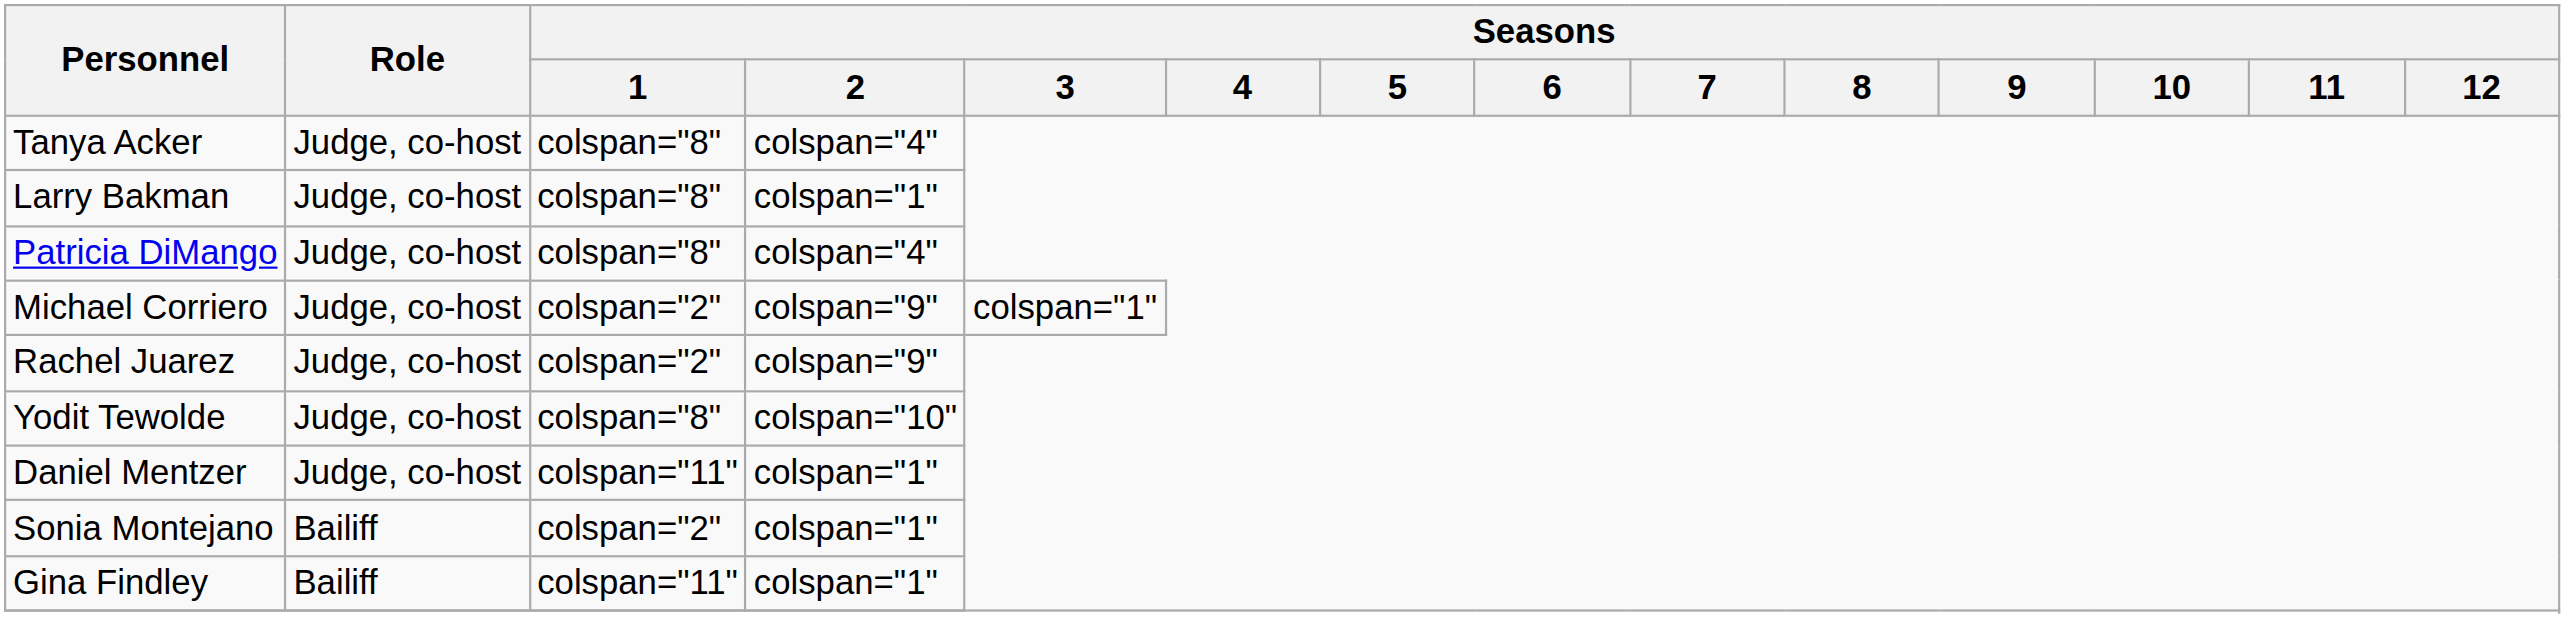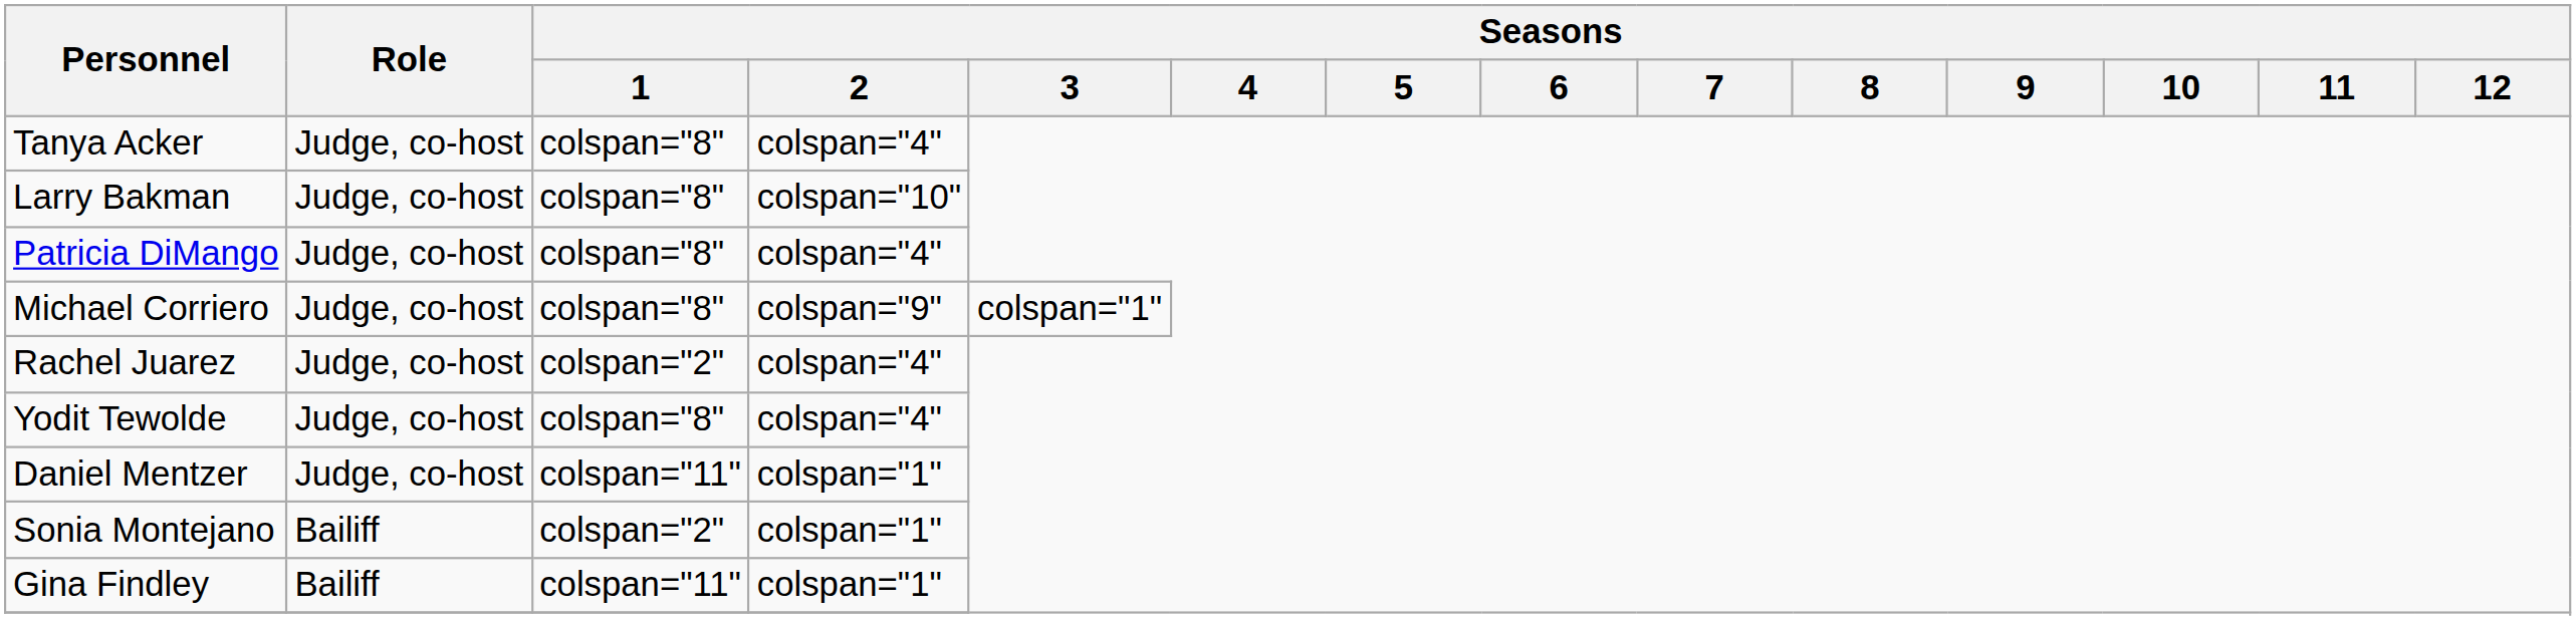 <table class="wikitable plainrowheaders">
 <tr>
 <th rowspan="2" scope="col">Personnel</th>
 <th rowspan="2" scope="col">Role</th>
 <th colspan="12" scope="col">Seasons</th>
 </tr>
 <tr>
 <th scope="col" style="width:4em;">1</th>
 <th scope="col" style="width:4em;">2</th>
 <th scope="col" style="width:4em;">3</th>
 <th scope="col" style="width:4em;">4</th>
 <th scope="col" style="width:4em;">5</th>
 <th scope="col" style="width:4em;">6</th>
 <th scope="col" style="width:4em;">7</th>
 <th scope="col" style="width:4em;">8</th>
 <th scope="col" style="width:4em;">9</th>
 <th scope="col" style="width:4em;">10</th>
 <th scope="col" style="width:4em;">11</th>
 <th scope="col" style="width:4em;">12</th>
 </tr>
 <tr>
 <td scope="row">Tanya Acker</td>
 <td>Judge, co-host</td>
 <td>colspan="8" </td>
 <td>colspan="4" </td>
 </tr>
 <tr>
 <td scope="row">Larry Bakman</td>
 <td>Judge, co-host</td>
 <td>colspan="8" </td>
-<td>colspan="1" </td>
+<td>colspan="10" </td>
 </tr>
 <tr>
 <td scope="row"><a href='#'>Patricia DiMango</a></td>
 <td>Judge, co-host</td>
 <td>colspan="8" </td>
 <td>colspan="4" </td>
 </tr>
 <tr>
 <td scope="row">Michael Corriero</td>
 <td>Judge, co-host</td>
-<td>colspan="2" </td>
+<td>colspan="8" </td>
 <td>colspan="9" </td>
 <td>colspan="1" </td>
 </tr>
 <tr>
 <td scope="row">Rachel Juarez</td>
 <td>Judge, co-host</td>
 <td>colspan="2" </td>
-<td>colspan="9" </td>
+<td>colspan="4" </td>
 </tr>
 <tr>
 <td scope="row">Yodit Tewolde</td>
 <td>Judge, co-host</td>
 <td>colspan="8" </td>
-<td>colspan="10" </td>
+<td>colspan="4" </td>
 </tr>
 <tr>
 <td scope="row">Daniel Mentzer</td>
 <td>Judge, co-host</td>
 <td>colspan="11" </td>
 <td>colspan="1" </td>
 </tr>
 <tr>
 <td scope="row">Sonia Montejano</td>
 <td>Bailiff</td>
 <td>colspan="2" </td>
 <td>colspan="1" </td>
 </tr>
 <tr>
 <td scope="row">Gina Findley</td>
 <td>Bailiff</td>
 <td>colspan="11" </td>
 <td>colspan="1" </td>
 </tr>
 <tr>
 </tr>
 </table>
